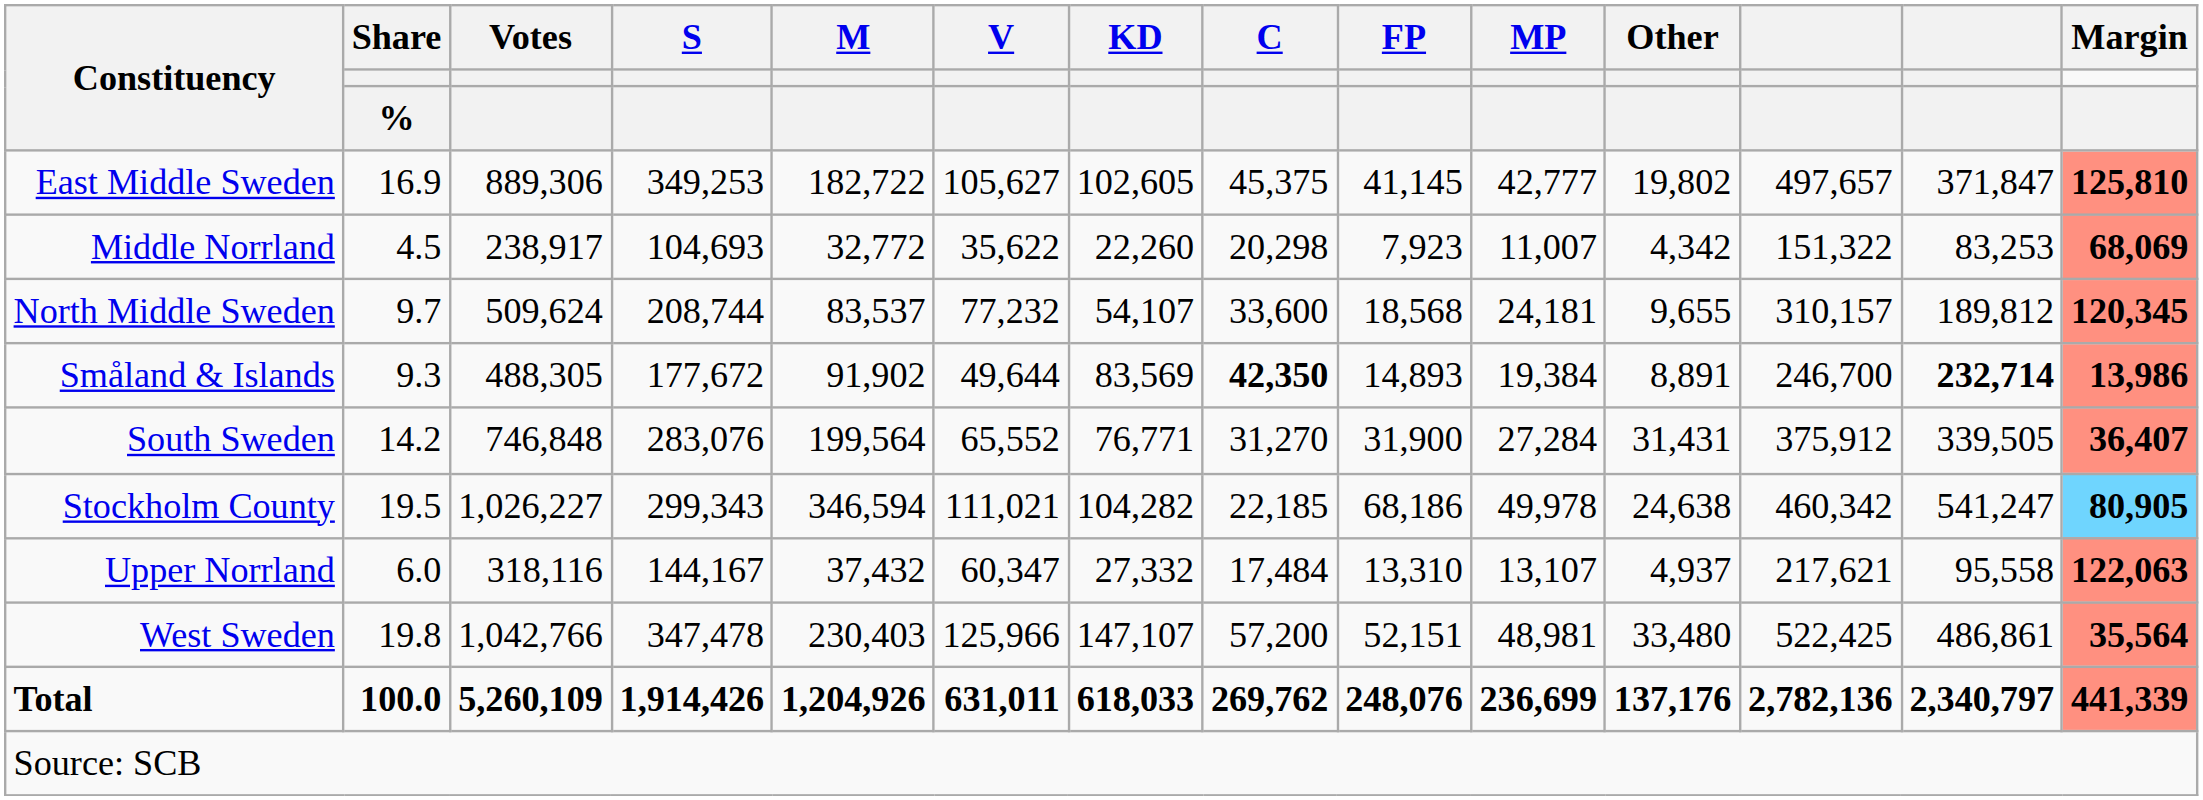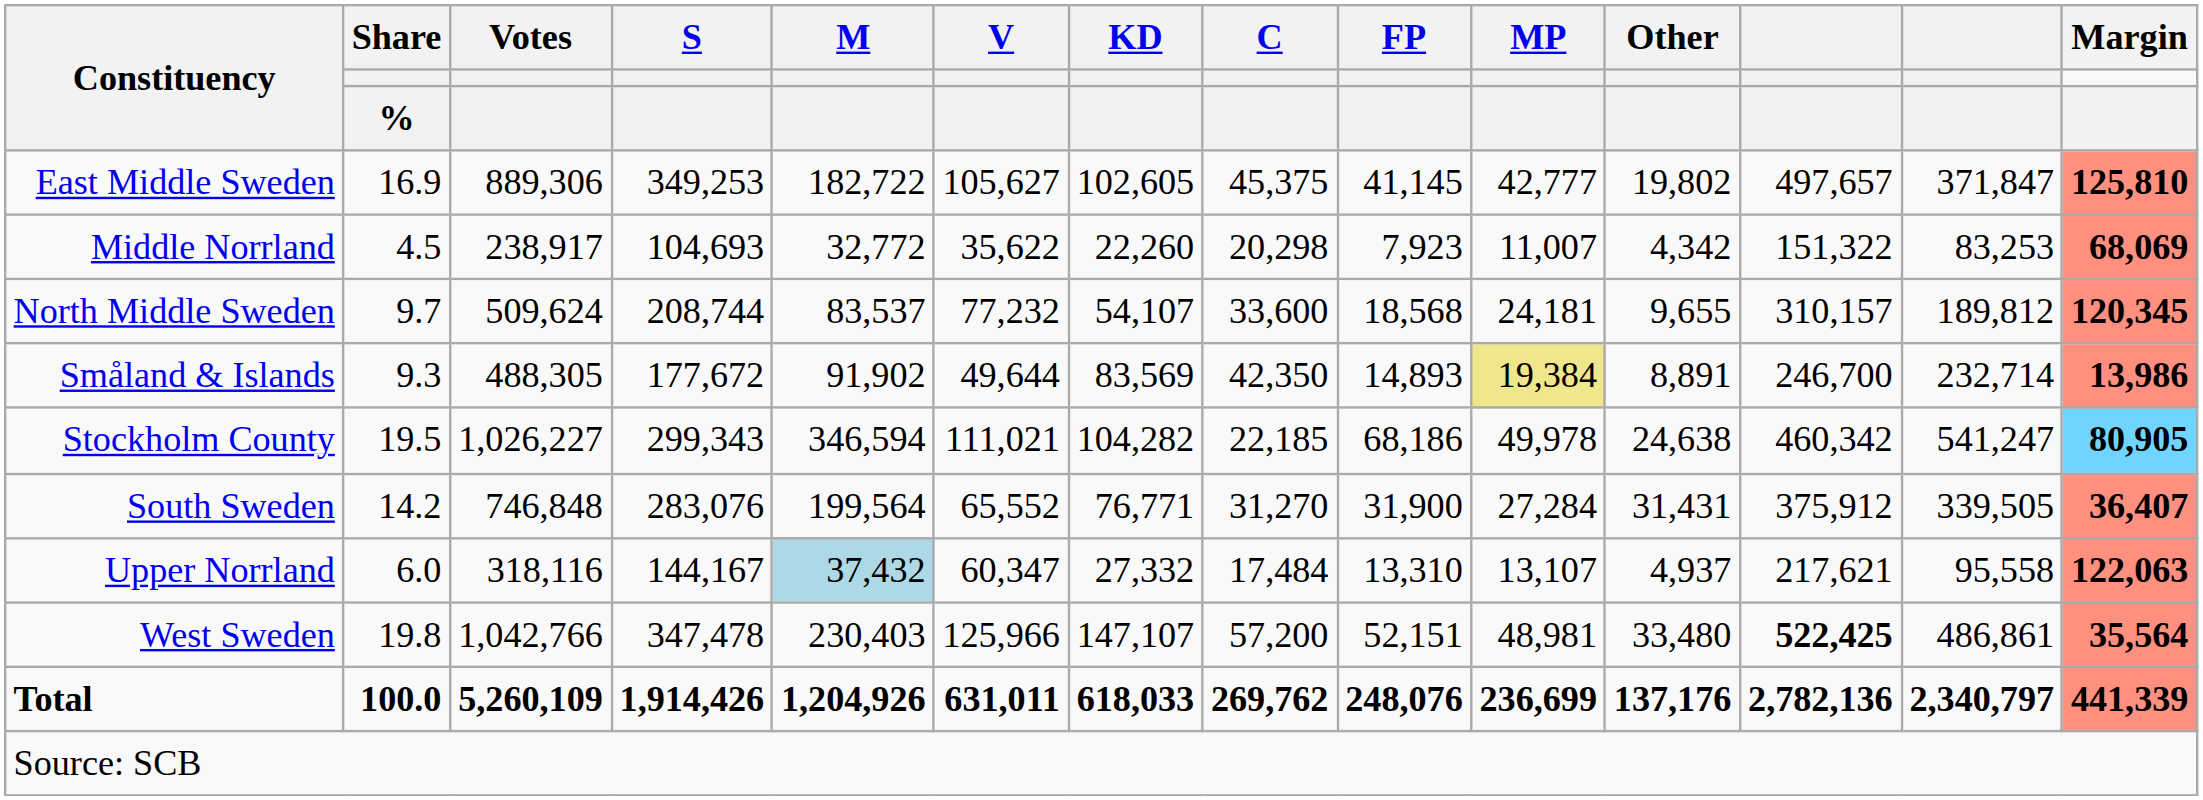 <table class="wikitable sortable" style="text-align:right; font-size:95%; line-height:20px;">
 <tr>
 <th rowspan="3">Constituency</th>
 <th>Share</th>
 <th>Votes</th>
 <th width="30px" class="unsortable"><a href='#'>S</a></th>
 <th width="30px" class="unsortable"><a href='#'>M</a></th>
 <th width="30px" class="unsortable"><a href='#'>V</a></th>
 <th width="30px" class="unsortable"><a href='#'>KD</a></th>
 <th width="30px" class="unsortable"><a href='#'>C</a></th>
 <th width="30px" class="unsortable"><a href='#'>FP</a></th>
 <th width="30px" class="unsortable"><a href='#'>MP</a></th>
 <th width="30px" class="unsortable">Other</th>
 <th></th>
 <th></th>
 <th>Margin</th>
 </tr>
 <tr>
 <th></th>
 <th></th>
 <th style="background:"></th>
 <th style="background:"></th>
 <th style="background:"></th>
 <th style="background:"></th>
 <th style="background:"></th>
 <th style="background:"></th>
 <th style="background:"></th>
 <th style="background:"></th>
 <th style="background:"></th>
 <th style="background:"></th>
 </tr>
 <tr>
 <th data-sort-type="number">%</th>
 <th></th>
 <th data-sort-type="number"></th>
 <th data-sort-type="number"></th>
 <th data-sort-type="number"></th>
 <th data-sort-type="number"></th>
 <th data-sort-type="number"></th>
 <th data-sort-type="number"></th>
 <th data-sort-type="number"></th>
 <th data-sort-type="number"></th>
 <th data-sort-type="number"></th>
 <th data-sort-type="number"></th>
 <th data-sort-type="number"></th>
 </tr>
 <tr>
 <td><a href='#'>East Middle Sweden</a></td>
 <td>16.9</td>
 <td>889,306</td>
 <td>349,253</td>
 <td>182,722</td>
 <td>105,627</td>
 <td>102,605</td>
 <td>45,375</td>
 <td>41,145</td>
 <td>42,777</td>
 <td>19,802</td>
 <td>497,657</td>
 <td>371,847</td>
 <td bgcolor=#ff908><strong>125,810</strong></td>
 </tr>
 <tr>
 <td><a href='#'>Middle Norrland</a></td>
 <td>4.5</td>
 <td>238,917</td>
 <td>104,693</td>
 <td>32,772</td>
 <td>35,622</td>
 <td>22,260</td>
 <td>20,298</td>
 <td>7,923</td>
 <td>11,007</td>
 <td>4,342</td>
 <td>151,322</td>
 <td>83,253</td>
 <td bgcolor=#ff908><strong>68,069</strong></td>
 </tr>
 <tr>
 <td><a href='#'>North Middle Sweden</a></td>
 <td>9.7</td>
 <td>509,624</td>
 <td>208,744</td>
 <td>83,537</td>
 <td>77,232</td>
 <td>54,107</td>
 <td>33,600</td>
 <td>18,568</td>
 <td>24,181</td>
 <td>9,655</td>
 <td>310,157</td>
 <td>189,812</td>
 <td bgcolor=#ff908><strong>120,345</strong></td>
 </tr>
 <tr>
 <td><a href='#'>Småland & Islands</a></td>
 <td>9.3</td>
 <td>488,305</td>
 <td>177,672</td>
 <td>91,902</td>
 <td>49,644</td>
 <td>83,569</td>
-<td><strong>42,350</strong></td>
+<td>42,350</td>
 <td>14,893</td>
-<td>19,384</td>
+<td style="background: khaki;">19,384</td>
 <td>8,891</td>
 <td>246,700</td>
-<td><strong>232,714</strong></td>
+<td>232,714</td>
 <td bgcolor=#ff908><strong>13,986</strong></td>
+</tr>
+<tr>
+<td><a href='#'>Stockholm County</a></td>
+<td>19.5</td>
+<td>1,026,227</td>
+<td>299,343</td>
+<td>346,594</td>
+<td>111,021</td>
+<td>104,282</td>
+<td>22,185</td>
+<td>68,186</td>
+<td>49,978</td>
+<td>24,638</td>
+<td>460,342</td>
+<td>541,247</td>
+<td bgcolor=#6fd5fe><strong>80,905</strong></td>
 </tr>
 <tr>
 <td><a href='#'>South Sweden</a></td>
 <td>14.2</td>
 <td>746,848</td>
 <td>283,076</td>
 <td>199,564</td>
 <td>65,552</td>
 <td>76,771</td>
 <td>31,270</td>
 <td>31,900</td>
 <td>27,284</td>
 <td>31,431</td>
 <td>375,912</td>
 <td>339,505</td>
 <td bgcolor=#ff908><strong>36,407</strong></td>
 </tr>
 <tr>
-<td><a href='#'>Stockholm County</a></td>
-<td>19.5</td>
-<td>1,026,227</td>
-<td>299,343</td>
-<td>346,594</td>
-<td>111,021</td>
-<td>104,282</td>
-<td>22,185</td>
-<td>68,186</td>
-<td>49,978</td>
-<td>24,638</td>
-<td>460,342</td>
-<td>541,247</td>
-<td bgcolor=#6fd5fe><strong>80,905</strong></td>
-</tr>
-<tr>
 <td><a href='#'>Upper Norrland</a></td>
 <td>6.0</td>
 <td>318,116</td>
 <td>144,167</td>
-<td>37,432</td>
+<td style="background: lightblue;">37,432</td>
 <td>60,347</td>
 <td>27,332</td>
 <td>17,484</td>
 <td>13,310</td>
 <td>13,107</td>
 <td>4,937</td>
 <td>217,621</td>
 <td>95,558</td>
 <td bgcolor=#ff908><strong>122,063</strong></td>
 </tr>
 <tr>
 <td><a href='#'>West Sweden</a></td>
 <td>19.8</td>
 <td>1,042,766</td>
 <td>347,478</td>
 <td>230,403</td>
 <td>125,966</td>
 <td>147,107</td>
 <td>57,200</td>
 <td>52,151</td>
 <td>48,981</td>
 <td>33,480</td>
-<td>522,425</td>
+<td><strong>522,425</strong></td>
 <td>486,861</td>
 <td bgcolor=#ff908><strong>35,564</strong></td>
 </tr>
 <tr>
 <td align=left><strong>Total</strong></td>
 <td><strong>100.0</strong></td>
 <td><strong>5,260,109</strong></td>
 <td><strong>1,914,426</strong></td>
 <td><strong>1,204,926</strong></td>
 <td><strong>631,011</strong></td>
 <td><strong>618,033</strong></td>
 <td><strong>269,762</strong></td>
 <td><strong>248,076</strong></td>
 <td><strong>236,699</strong></td>
 <td><strong>137,176</strong></td>
 <td><strong>2,782,136</strong></td>
 <td><strong>2,340,797</strong></td>
 <td bgcolor=#ff908><strong>441,339</strong></td>
 </tr>
 <tr>
 <td align=left colspan=14>Source: SCB </td>
 </tr>
 </table>
